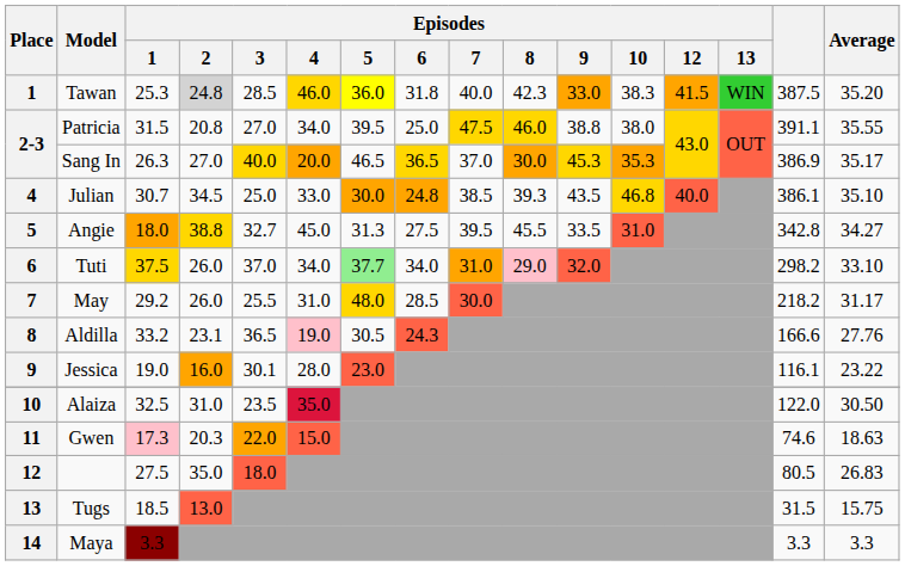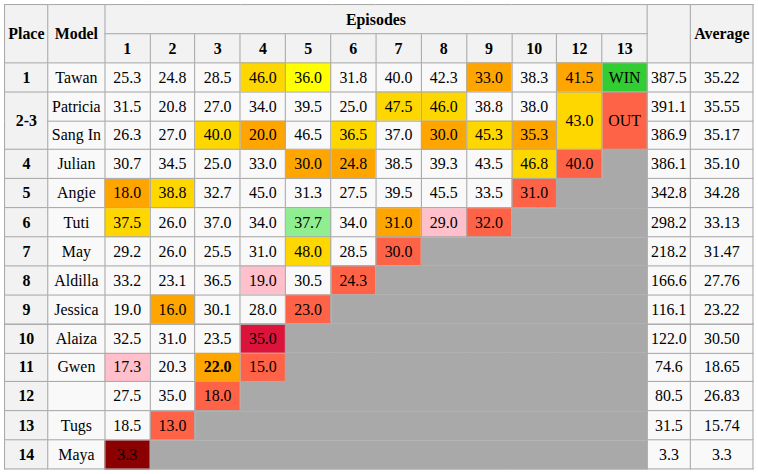 <table style="text-align: center; font-size:92%; line-height:20px;" class="wikitable sortable">
 <tr>
 <th rowspan="2">Place</th>
 <th rowspan="2">Model</th>
 <th colspan="12">Episodes</th>
 <th rowspan="2"></th>
 <th rowspan="2">Average</th>
 </tr>
 <tr>
 <th width="35">1</th>
 <th width="35">2</th>
 <th width="35">3</th>
 <th width="35">4</th>
 <th width="35">5</th>
 <th width="35">6</th>
 <th width="35">7</th>
 <th width="35">8</th>
 <th width="35">9</th>
 <th width="35">10</th>
 <th width="35">12</th>
 <th width="35">13</th>
 </tr>
 <tr>
 <th>1</th>
 <td>Tawan</td>
 <td>25.3</td>
-<td style="background: lightgrey;">24.8</td>
+<td>24.8</td>
 <td>28.5</td>
 <td style="background:gold">46.0</td>
 <td style="background:yellow">36.0</td>
 <td>31.8</td>
 <td>40.0</td>
 <td>42.3</td>
 <td style="background:orange">33.0</td>
 <td>38.3</td>
 <td style="background:orange">41.5</td>
 <td style="background:limegreen">WIN</td>
 <td>387.5</td>
-<td>35.20</td>
+<td>35.22</td>
 </tr>
 <tr>
 <th rowspan="2">2-3</th>
 <td>Patricia</td>
 <td>31.5</td>
 <td>20.8</td>
 <td>27.0</td>
 <td>34.0</td>
 <td>39.5</td>
 <td>25.0</td>
 <td style="background:gold">47.5</td>
 <td style="background:gold">46.0</td>
 <td>38.8</td>
 <td>38.0</td>
 <td rowspan="2" style="background:gold">43.0</td>
 <td rowspan="2" style="background:tomato">OUT</td>
 <td>391.1</td>
 <td>35.55</td>
 </tr>
 <tr>
 <td>Sang In</td>
 <td>26.3</td>
 <td>27.0</td>
 <td style="background:gold">40.0</td>
 <td style="background:orange">20.0</td>
 <td>46.5</td>
 <td style="background:gold">36.5</td>
 <td>37.0</td>
 <td style="background:orange">30.0</td>
 <td style="background:gold">45.3</td>
 <td style="background:orange">35.3</td>
 <td>386.9</td>
 <td>35.17</td>
 </tr>
 <tr>
 <th>4</th>
 <td>Julian</td>
 <td>30.7</td>
 <td>34.5</td>
 <td>25.0</td>
 <td>33.0</td>
 <td style="background:orange">30.0</td>
 <td style="background:orange">24.8</td>
 <td>38.5</td>
 <td>39.3</td>
 <td>43.5</td>
 <td style="background:gold">46.8</td>
 <td style="background:tomato">40.0</td>
 <td style="background:darkgray" colspan="1"></td>
 <td>386.1</td>
 <td>35.10</td>
 </tr>
 <tr>
 <th>5</th>
 <td>Angie</td>
 <td style="background:orange">18.0</td>
 <td style="background:gold">38.8</td>
 <td>32.7</td>
 <td>45.0</td>
 <td>31.3</td>
 <td>27.5</td>
 <td>39.5</td>
 <td>45.5</td>
 <td>33.5</td>
 <td style="background:tomato">31.0</td>
 <td style="background:darkgray" colspan="2"></td>
 <td>342.8</td>
-<td>34.27</td>
+<td>34.28</td>
 </tr>
 <tr>
 <th>6</th>
 <td>Tuti</td>
 <td style="background:gold">37.5</td>
 <td>26.0</td>
 <td>37.0</td>
 <td>34.0</td>
 <td style="background: lightgreen;">37.7</td>
 <td>34.0</td>
 <td style="background:orange">31.0</td>
 <td style="background:pink">29.0</td>
 <td style="background:tomato">32.0</td>
 <td style="background:darkgray" colspan="3"></td>
 <td>298.2</td>
-<td>33.10</td>
+<td>33.13</td>
 </tr>
 <tr>
 <th>7</th>
 <td>May</td>
 <td>29.2</td>
 <td>26.0</td>
 <td>25.5</td>
 <td>31.0</td>
 <td style="background:gold">48.0</td>
 <td>28.5</td>
 <td style="background:tomato">30.0</td>
 <td style="background:darkgray" colspan="5"></td>
 <td>218.2</td>
-<td>31.17</td>
+<td>31.47</td>
 </tr>
 <tr>
 <th>8</th>
 <td>Aldilla</td>
 <td>33.2</td>
 <td>23.1</td>
 <td>36.5</td>
 <td style="background:pink">19.0</td>
 <td>30.5</td>
 <td style="background:tomato">24.3</td>
 <td style="background:darkgray" colspan="6"></td>
 <td>166.6</td>
 <td>27.76</td>
 </tr>
 <tr>
 <th>9</th>
 <td>Jessica</td>
 <td>19.0</td>
 <td style="background:orange">16.0</td>
 <td>30.1</td>
 <td>28.0</td>
 <td style="background:tomato">23.0</td>
 <td style="background:darkgray" colspan="7"></td>
 <td>116.1</td>
 <td>23.22</td>
 </tr>
 <tr>
 </tr>
 <tr>
 <th>10</th>
 <td>Alaiza</td>
 <td>32.5</td>
 <td>31.0</td>
 <td>23.5</td>
 <td style="background:crimson"><span>35.0</span></td>
 <td style="background:darkgray" colspan="8"></td>
 <td>122.0</td>
 <td>30.50</td>
 </tr>
 <tr>
 <th>11</th>
 <td>Gwen</td>
 <td style="background:pink">17.3</td>
 <td>20.3</td>
-<td style="background:orange">22.0</td>
+<td style="background:orange"><strong>22.0</strong></td>
 <td style="background:tomato">15.0</td>
 <td style="background:darkgray" colspan="8"></td>
 <td>74.6</td>
-<td>18.63</td>
+<td>18.65</td>
 </tr>
 <tr>
 <th>12</th>
 <td></td>
 <td>27.5</td>
 <td>35.0</td>
 <td style="background:tomato">18.0</td>
 <td style="background:darkgray" colspan="9"></td>
 <td>80.5</td>
 <td>26.83</td>
 </tr>
 <tr>
 <th>13</th>
 <td>Tugs</td>
 <td>18.5</td>
 <td style="background:tomato">13.0</td>
 <td style="background:darkgray" colspan="10"></td>
 <td>31.5</td>
-<td>15.75</td>
+<td>15.74</td>
 </tr>
 <tr>
 <th>14</th>
 <td>Maya</td>
 <td style="background:darkred"><span>3.3</span></td>
 <td style="background:darkgray" colspan="11"></td>
 <td>3.3</td>
 <td>3.3</td>
 </tr>
 </table>
